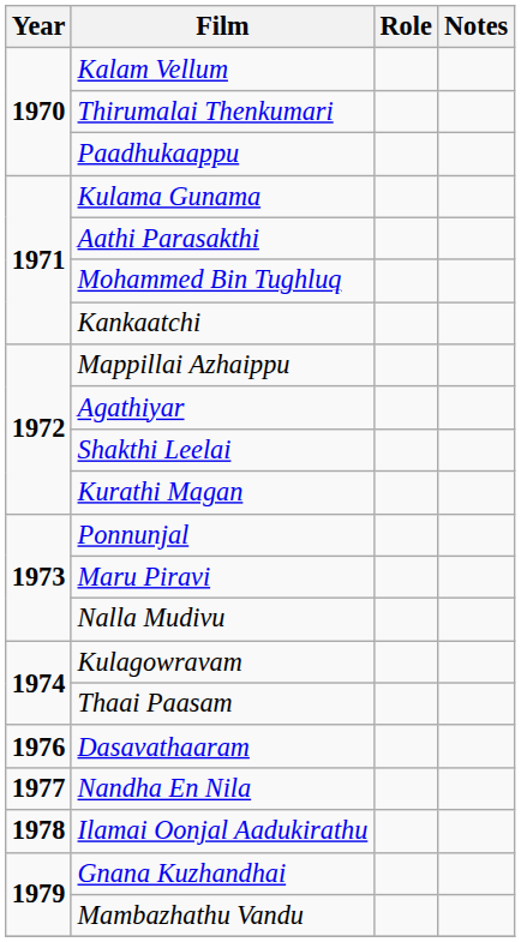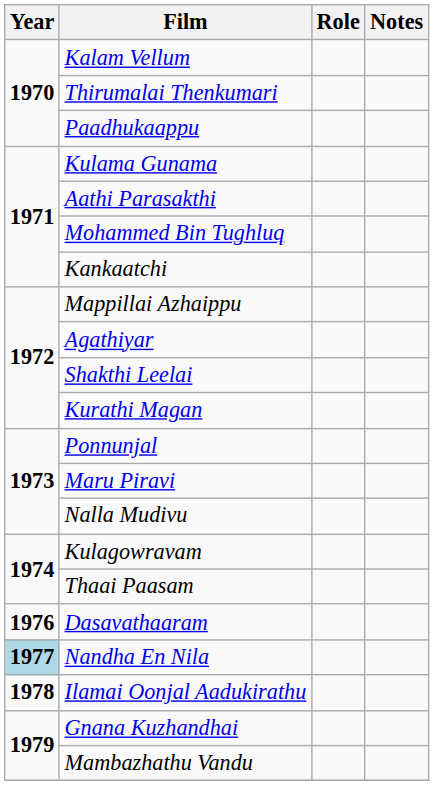 <table class="wikitable">
 <tr>
 <th>Year</th>
 <th>Film</th>
 <th>Role</th>
 <th>Notes</th>
 </tr>
 <tr>
 <td rowspan="3"><strong>1970</strong></td>
 <td><em><a href='#'>Kalam Vellum</a></em></td>
 <td></td>
 <td></td>
 </tr>
 <tr>
 <td><em><a href='#'>Thirumalai Thenkumari</a></em></td>
 <td></td>
 <td></td>
 </tr>
 <tr>
 <td><em><a href='#'>Paadhukaappu</a></em></td>
 <td></td>
 <td></td>
 </tr>
 <tr>
 <td rowspan="4"><strong>1971</strong></td>
 <td><em><a href='#'>Kulama Gunama</a></em></td>
 <td></td>
 <td></td>
 </tr>
 <tr>
 <td><em><a href='#'>Aathi Parasakthi</a></em></td>
 <td></td>
 <td></td>
 </tr>
 <tr>
 <td><a href='#'><em>Mohammed Bin Tughluq</em></a></td>
 <td></td>
 <td></td>
 </tr>
 <tr>
 <td><em>Kankaatchi</em></td>
 <td></td>
 <td></td>
 </tr>
 <tr>
 <td rowspan="4"><strong>1972</strong></td>
 <td><em>Mappillai Azhaippu</em></td>
 <td></td>
 <td></td>
 </tr>
 <tr>
 <td><em><a href='#'>Agathiyar</a></em></td>
 <td></td>
 <td></td>
 </tr>
 <tr>
 <td><em><a href='#'>Shakthi Leelai</a></em></td>
 <td></td>
 <td></td>
 </tr>
 <tr>
 <td><em><a href='#'>Kurathi Magan</a></em></td>
 <td></td>
 <td></td>
 </tr>
 <tr>
 <td rowspan="3"><strong>1973</strong></td>
 <td><em><a href='#'>Ponnunjal</a></em></td>
 <td></td>
 <td></td>
 </tr>
 <tr>
 <td><em><a href='#'>Maru Piravi</a></em></td>
 <td></td>
 <td></td>
 </tr>
 <tr>
 <td><em>Nalla Mudivu</em></td>
 <td></td>
 <td></td>
 </tr>
 <tr>
 <td rowspan="2"><strong>1974</strong></td>
 <td><em>Kulagowravam</em></td>
 <td></td>
 <td></td>
 </tr>
 <tr>
 <td><em>Thaai Paasam</em></td>
 <td></td>
 <td></td>
 </tr>
 <tr>
 <td><strong>1976</strong></td>
 <td><a href='#'><em>Dasavathaaram</em></a></td>
 <td></td>
 <td></td>
 </tr>
 <tr>
-<td><strong>1977</strong></td>
+<td style="background: lightblue;"><strong>1977</strong></td>
 <td><em><a href='#'>Nandha En Nila</a></em></td>
 <td></td>
 <td></td>
 </tr>
 <tr>
 <td><strong>1978</strong></td>
 <td><em><a href='#'>Ilamai Oonjal Aadukirathu</a></em></td>
 <td></td>
 <td></td>
 </tr>
 <tr>
 <td rowspan="2"><strong>1979</strong></td>
 <td><em><a href='#'>Gnana Kuzhandhai</a></em></td>
 <td></td>
 <td></td>
 </tr>
 <tr>
 <td><em>Mambazhathu Vandu</em></td>
 <td></td>
 <td></td>
 </tr>
 <tr>
 </tr>
 </table>
